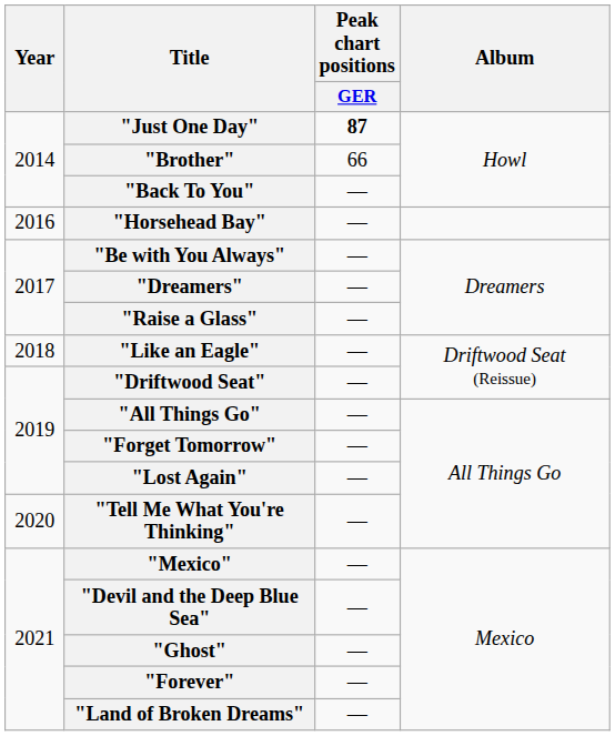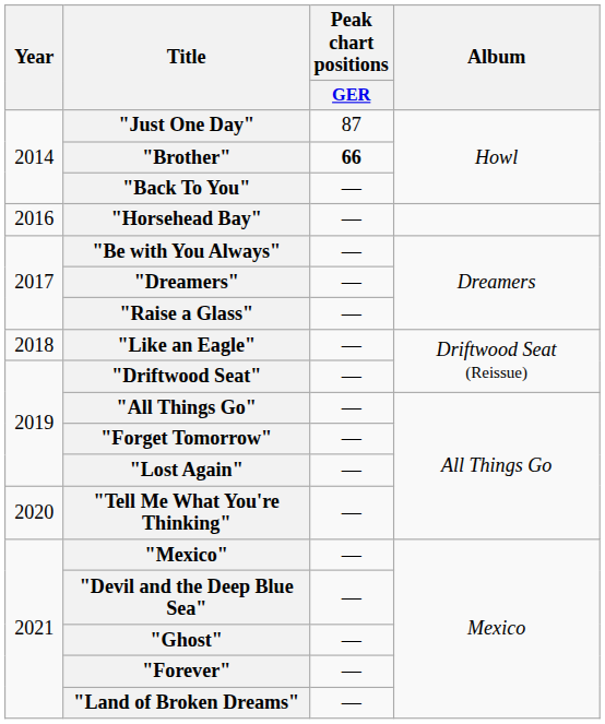 <table class="wikitable plainrowheaders" style="text-align:center;" border="1">
 <tr>
 <th scope="col" rowspan="2" style="width:2.5em;">Year</th>
 <th scope="col" rowspan="2" style="width:12em;">Title</th>
 <th scope="col" colspan="1">Peak chart positions</th>
 <th scope="col" rowspan="2" style="width:10em;">Album</th>
 </tr>
 <tr>
 <th scope="col" style="width:3em;font-size:90%;"><a href='#'>GER</a><br></th>
 </tr>
 <tr>
 <td align="center" rowspan="3">2014</td>
 <th scope="row">"Just One Day"</th>
-<td align="center"><strong>87</strong></td>
+<td align="center">87</td>
 <td align="center" rowspan="3"><em>Howl</em></td>
 </tr>
 <tr>
 <th scope="row">"Brother"</th>
-<td align="center">66</td>
+<td align="center"><strong>66</strong></td>
 </tr>
 <tr>
 <th scope="row">"Back To You"</th>
 <td align="center">—</td>
 </tr>
 <tr>
 <td align="center">2016</td>
 <th scope="row">"Horsehead Bay"</th>
 <td align="center">—</td>
 <td></td>
 </tr>
 <tr>
 <td align="center" rowspan="3">2017</td>
 <th scope="row">"Be with You Always"</th>
 <td align="center">—</td>
 <td align="center" rowspan="3"><em>Dreamers</em></td>
 </tr>
 <tr>
 <th scope="row">"Dreamers"</th>
 <td align="center">—</td>
 </tr>
 <tr>
 <th scope="row">"Raise a Glass"</th>
 <td align="center">—</td>
 </tr>
 <tr>
 <td align="center">2018</td>
 <th scope="row">"Like an Eagle"</th>
 <td align="center">—</td>
 <td align="center" rowspan="2"><em>Driftwood Seat</em><br><small>(Reissue)</small></td>
 </tr>
 <tr>
 <td align="center" rowspan="4">2019</td>
 <th scope="row">"Driftwood Seat"</th>
 <td align="center">—</td>
 </tr>
 <tr>
 <th scope="row">"All Things Go"</th>
 <td align="center">—</td>
 <td align="center" rowspan="4"><em>All Things Go</em></td>
 </tr>
 <tr>
 <th scope="row">"Forget Tomorrow"</th>
 <td align="center">—</td>
 </tr>
 <tr>
 <th scope="row">"Lost Again"</th>
 <td align="center">—</td>
 </tr>
 <tr>
 <td align="center">2020</td>
 <th scope="row">"Tell Me What You're Thinking"</th>
 <td align="center">—</td>
 </tr>
 <tr>
 <td align="center" rowspan="5">2021</td>
 <th scope="row">"Mexico"</th>
 <td align="center">—</td>
 <td align="center" rowspan="5"><em>Mexico</em></td>
 </tr>
 <tr>
 <th scope="row">"Devil and the Deep Blue Sea"</th>
 <td align="center">—</td>
 </tr>
 <tr>
 <th scope="row">"Ghost"</th>
 <td align="center">—</td>
 </tr>
 <tr>
 <th scope="row">"Forever"</th>
 <td align="center">—</td>
 </tr>
 <tr>
 <th scope="row">"Land of Broken Dreams"</th>
 <td align="center">—</td>
 </tr>
 </table>
